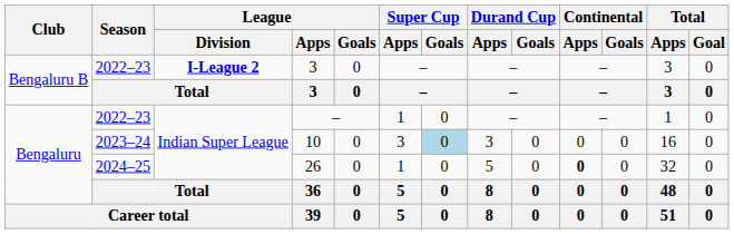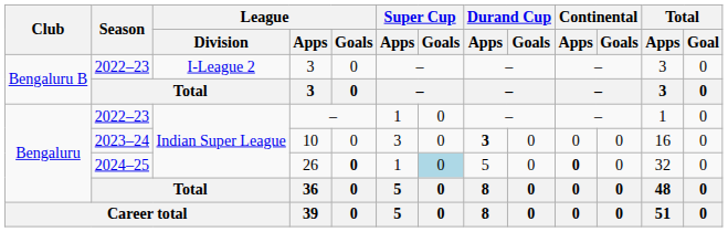 <table class="wikitable" style="text-align:center">
 <tr>
 <th rowspan="2">Club</th>
 <th rowspan="2">Season</th>
 <th colspan="3">League</th>
 <th colspan="2"><a href='#'>Super Cup</a></th>
 <th colspan="2"><a href='#'>Durand Cup</a></th>
 <th colspan="2">Continental</th>
 <th colspan="2">Total</th>
 </tr>
 <tr>
 <th>Division</th>
 <th>Apps</th>
 <th>Goals</th>
 <th>Apps</th>
 <th>Goals</th>
 <th>Apps</th>
 <th>Goals</th>
 <th>Apps</th>
 <th>Goals</th>
 <th>Apps</th>
 <th>Goal</th>
 </tr>
 <tr>
 <td rowspan="2"><a href='#'>Bengaluru B</a></td>
 <td><a href='#'>2022–23</a></td>
-<td><strong><a href='#'>I-League 2</a></strong></td>
+<td><a href='#'>I-League 2</a></td>
 <td>3</td>
 <td>0</td>
 <td colspan="2">–</td>
 <td colspan="2">–</td>
 <td colspan="2">–</td>
 <td>3</td>
 <td>0</td>
 </tr>
 <tr>
 <th colspan="2">Total</th>
 <th>3</th>
 <th>0</th>
 <th colspan="2">–</th>
 <th colspan="2">–</th>
 <th colspan="2">–</th>
 <th>3</th>
 <th>0</th>
 </tr>
 <tr>
 <td rowspan="4"><a href='#'>Bengaluru</a></td>
 <td><a href='#'>2022–23</a></td>
 <td rowspan="3"><a href='#'>Indian Super League</a></td>
 <td colspan="2">–</td>
 <td>1</td>
 <td>0</td>
 <td colspan="2">–</td>
 <td colspan="2">–</td>
 <td>1</td>
 <td>0</td>
 </tr>
 <tr>
 <td><a href='#'>2023–24</a></td>
 <td>10</td>
 <td>0</td>
 <td>3</td>
-<td style="background: lightblue;">0</td>
-<td>3</td>
+<td>0</td>
+<td><strong>3</strong></td>
 <td>0</td>
 <td>0</td>
 <td>0</td>
 <td>16</td>
 <td>0</td>
 </tr>
 <tr>
 <td><a href='#'>2024–25</a></td>
 <td>26</td>
-<td>0</td>
+<td><strong>0</strong></td>
 <td>1</td>
-<td>0</td>
+<td style="background: lightblue;">0</td>
 <td>5</td>
 <td>0</td>
 <td><strong>0</strong></td>
 <td>0</td>
 <td>32</td>
 <td>0</td>
 </tr>
 <tr>
 <th colspan="2">Total</th>
 <th>36</th>
 <th>0</th>
 <th>5</th>
 <th>0</th>
 <th>8</th>
 <th>0</th>
 <th>0</th>
 <th>0</th>
 <th>48</th>
 <th>0</th>
 </tr>
 <tr>
 <th colspan="3">Career total</th>
 <th>39</th>
 <th>0</th>
 <th>5</th>
 <th>0</th>
 <th>8</th>
 <th>0</th>
 <th>0</th>
 <th>0</th>
 <th>51</th>
 <th>0</th>
 </tr>
 </table>
